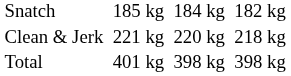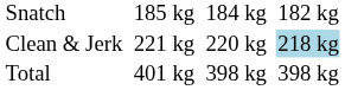 <table>
 <tr>
 <td>Snatch</td>
 <td></td>
 <td>185 kg</td>
 <td></td>
 <td>184 kg</td>
 <td></td>
 <td>182 kg</td>
 </tr>
 <tr>
 <td>Clean & Jerk</td>
 <td></td>
 <td>221 kg</td>
 <td></td>
 <td>220 kg</td>
 <td></td>
-<td>218 kg</td>
+<td style="background: lightblue;">218 kg</td>
 </tr>
 <tr>
 <td>Total</td>
 <td></td>
 <td>401 kg</td>
 <td></td>
 <td>398 kg</td>
 <td></td>
 <td>398 kg</td>
 </tr>
 </table>
